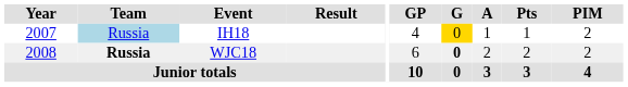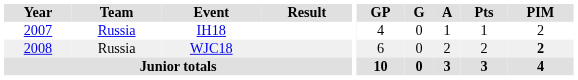 <table border="0" cellpadding="1" cellspacing="0" ID="Table3" style="text-align:center; width:40em">
 <tr ALIGN="center" bgcolor="#e0e0e0">
 <th>Year</th>
 <th>Team</th>
 <th>Event</th>
 <th>Result</th>
 <th rowspan="99" bgcolor="#ffffff"></th>
 <th>GP</th>
 <th>G</th>
 <th>A</th>
 <th>Pts</th>
 <th>PIM</th>
 </tr>
 <tr>
 <td><a href='#'>2007</a></td>
-<td style="background: lightblue;"><a href='#'>Russia</a></td>
+<td><a href='#'>Russia</a></td>
 <td><a href='#'>IH18</a></td>
 <td></td>
 <td>4</td>
-<td style="background: gold;">0</td>
+<td>0</td>
 <td>1</td>
 <td>1</td>
 <td>2</td>
 </tr>
 <tr bgcolor="#f0f0f0">
 <td><a href='#'>2008</a></td>
-<td><strong>Russia</strong></td>
+<td>Russia</td>
 <td><a href='#'>WJC18</a></td>
 <td></td>
 <td>6</td>
-<td><strong>0</strong></td>
+<td>0</td>
 <td>2</td>
 <td>2</td>
-<td>2</td>
+<td><strong>2</strong></td>
 </tr>
 <tr bgcolor="#e0e0e0">
 <th colspan="4">Junior totals</th>
 <th>10</th>
 <th>0</th>
 <th>3</th>
 <th>3</th>
 <th>4</th>
 </tr>
 </table>
